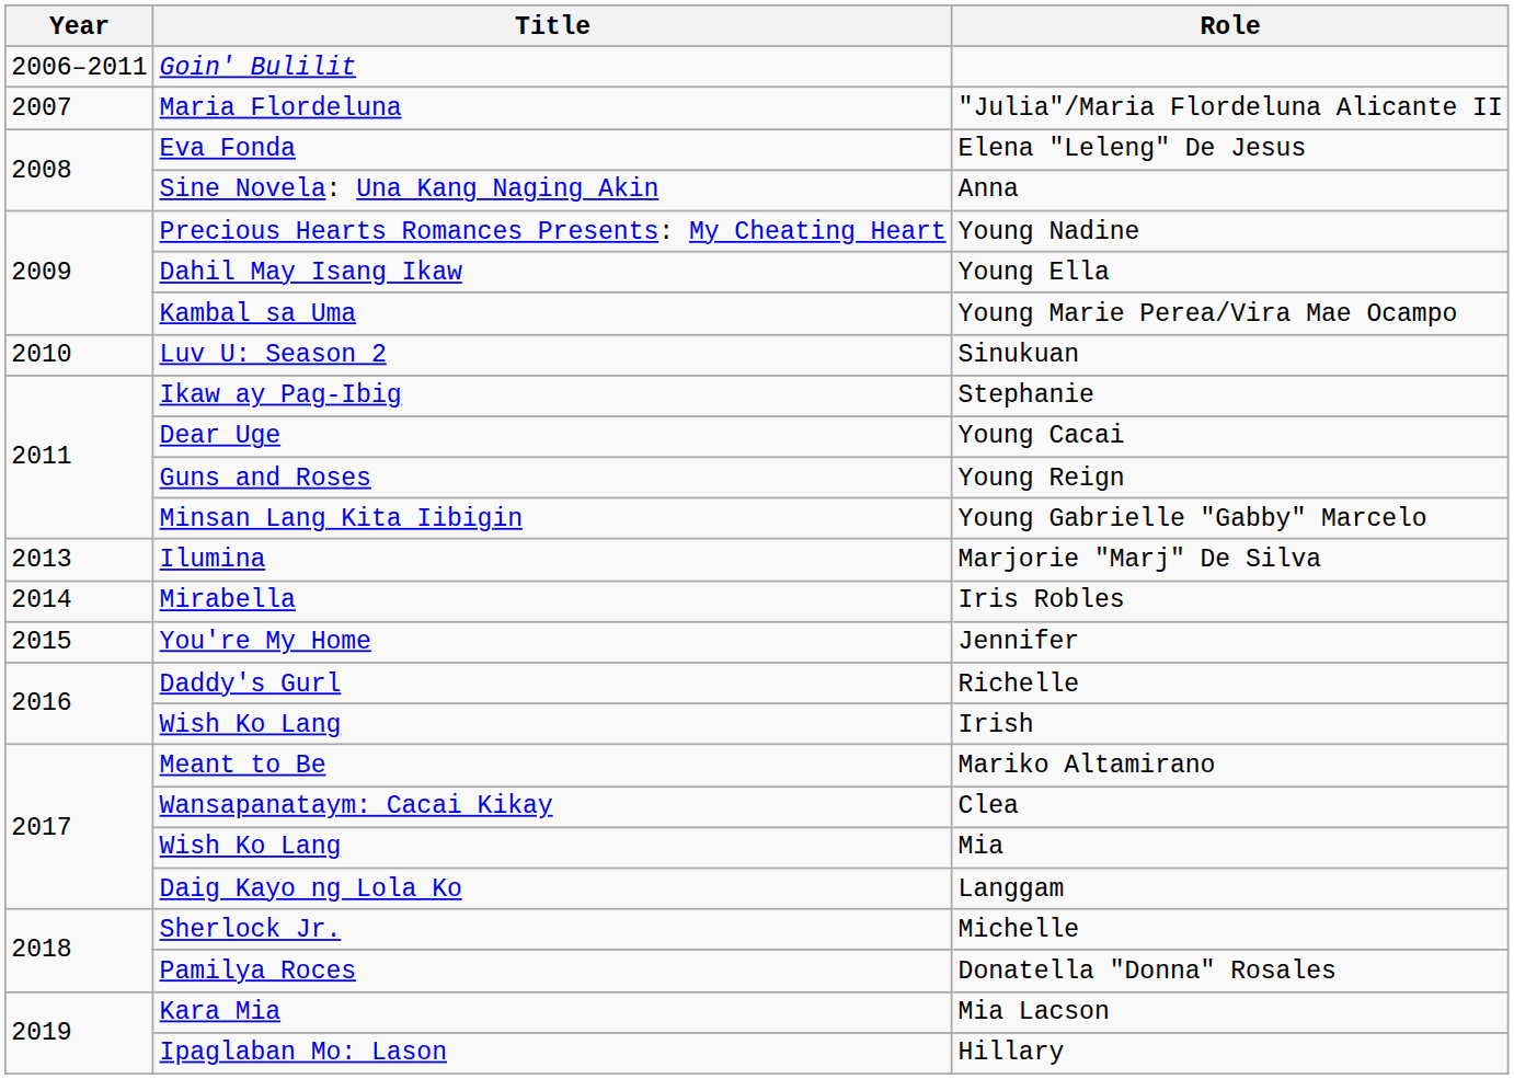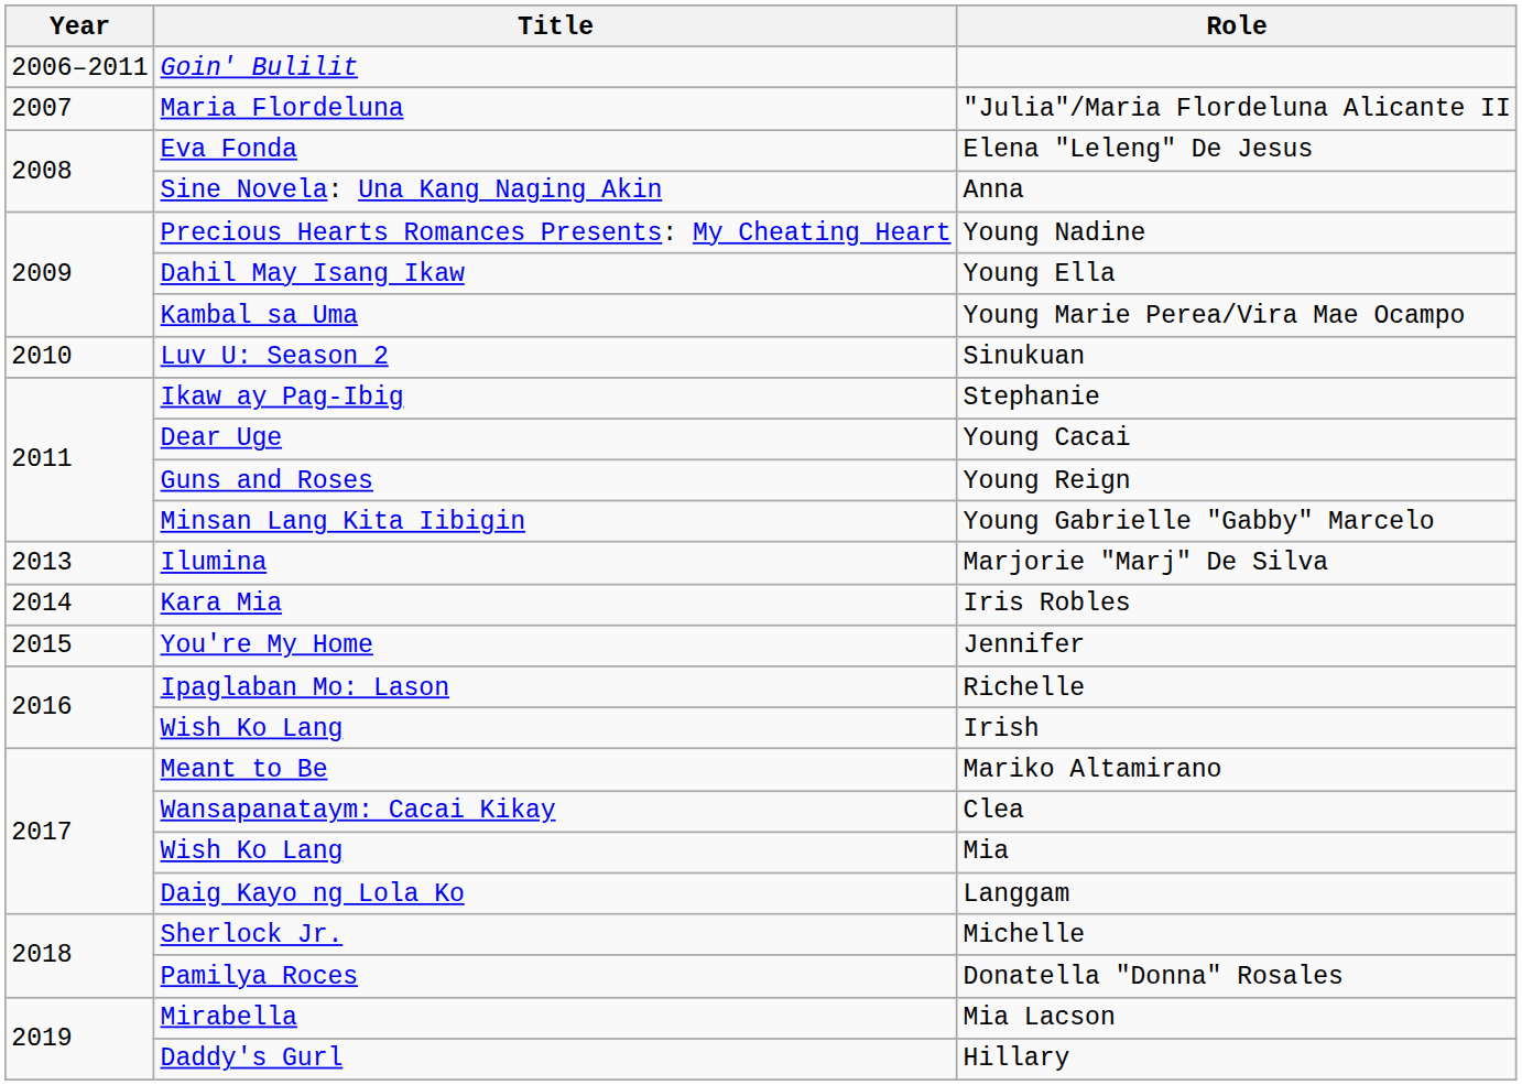 <table class="wikitable sortable">
 <tr>
 <th>Year</th>
 <th>Title</th>
 <th>Role</th>
 </tr>
 <tr>
 <td>2006–2011</td>
 <td><em><a href='#'>Goin' Bulilit</a></td>
 <td></td>
 </tr>
 <tr>
 <td>2007</td>
 <td></em><a href='#'>Maria Flordeluna</a><em></td>
 <td>"Julia"/Maria Flordeluna Alicante II</td>
 </tr>
 <tr>
 <td rowspan="2">2008</td>
 <td></em><a href='#'>Eva Fonda</a><em></td>
 <td>Elena "Leleng" De Jesus</td>
 </tr>
 <tr>
 <td></em><a href='#'>Sine Novela</a>: <a href='#'>Una Kang Naging Akin</a><em></td>
 <td>Anna</td>
 </tr>
 <tr>
 <td rowspan="3">2009</td>
 <td></em><a href='#'>Precious Hearts Romances Presents</a>: <a href='#'>My Cheating Heart</a><em></td>
 <td>Young Nadine</td>
 </tr>
 <tr>
 <td></em><a href='#'>Dahil May Isang Ikaw</a><em></td>
 <td>Young Ella</td>
 </tr>
 <tr>
 <td></em><a href='#'>Kambal sa Uma</a><em></td>
 <td>Young Marie Perea/Vira Mae Ocampo</td>
 </tr>
 <tr>
 <td>2010</td>
 <td></em><a href='#'>Luv U: Season 2</a><em></td>
 <td>Sinukuan</td>
 </tr>
 <tr>
 <td rowspan="4">2011</td>
 <td></em><a href='#'>Ikaw ay Pag-Ibig</a><em></td>
 <td>Stephanie</td>
 </tr>
 <tr>
 <td></em><a href='#'>Dear Uge</a><em></td>
 <td>Young Cacai</td>
 </tr>
 <tr>
 <td></em><a href='#'>Guns and Roses</a><em></td>
 <td>Young Reign</td>
 </tr>
 <tr>
 <td></em><a href='#'>Minsan Lang Kita Iibigin</a><em></td>
 <td>Young Gabrielle "Gabby" Marcelo</td>
 </tr>
 <tr>
 <td>2013</td>
 <td></em><a href='#'>Ilumina</a><em></td>
 <td>Marjorie "Marj" De Silva</td>
 </tr>
 <tr>
 <td>2014</td>
-<td></em><a href='#'>Mirabella</a><em></td>
+<td></em><a href='#'>Kara Mia</a><em></td>
 <td>Iris Robles</td>
 </tr>
 <tr>
 <td>2015</td>
 <td></em><a href='#'>You're My Home</a><em></td>
 <td>Jennifer</td>
 </tr>
 <tr>
 <td rowspan="2">2016</td>
-<td></em><a href='#'>Daddy's Gurl</a><em></td>
+<td></em><a href='#'>Ipaglaban Mo: Lason</a><em></td>
 <td>Richelle</td>
 </tr>
 <tr>
 <td></em><a href='#'>Wish Ko Lang</a><em></td>
 <td>Irish</td>
 </tr>
 <tr>
 <td rowspan="4">2017</td>
 <td></em><a href='#'>Meant to Be</a><em></td>
 <td>Mariko Altamirano</td>
 </tr>
 <tr>
 <td></em><a href='#'>Wansapanataym: Cacai Kikay</a><em></td>
 <td>Clea</td>
 </tr>
 <tr>
 <td></em><a href='#'>Wish Ko Lang</a><em></td>
 <td>Mia</td>
 </tr>
 <tr>
 <td></em><a href='#'>Daig Kayo ng Lola Ko</a><em></td>
 <td>Langgam</td>
 </tr>
 <tr>
 <td rowspan="2">2018</td>
 <td></em><a href='#'>Sherlock Jr.</a><em></td>
 <td>Michelle</td>
 </tr>
 <tr>
 <td></em><a href='#'>Pamilya Roces</a><em></td>
 <td>Donatella "Donna" Rosales</td>
 </tr>
 <tr>
 <td rowspan="2">2019</td>
-<td></em><a href='#'>Kara Mia</a><em></td>
+<td></em><a href='#'>Mirabella</a><em></td>
 <td>Mia Lacson</td>
 </tr>
 <tr>
-<td></em><a href='#'>Ipaglaban Mo: Lason</a><em></td>
+<td></em><a href='#'>Daddy's Gurl</a><em></td>
 <td>Hillary</td>
 </tr>
 </table>
